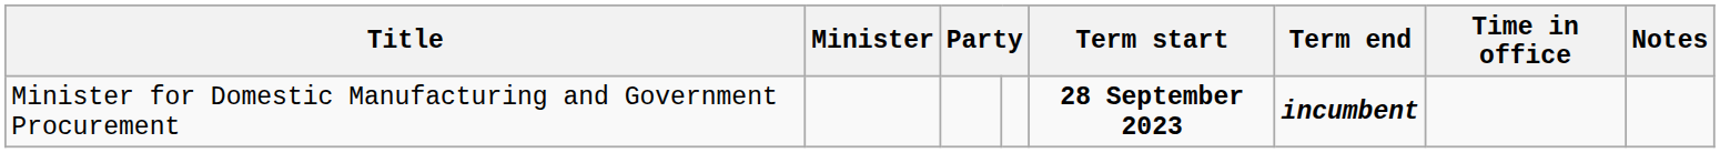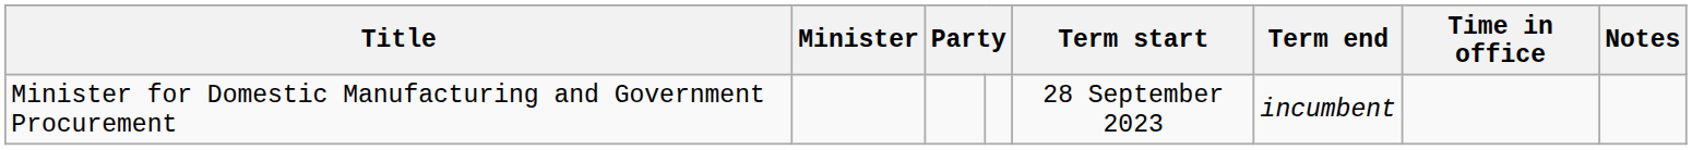 <table class="wikitable sortable">
 <tr>
 <th>Title</th>
 <th>Minister</th>
 <th colspan="2">Party</th>
 <th>Term start</th>
 <th>Term end</th>
 <th>Time in office</th>
 <th class="unsortable">Notes</th>
 </tr>
 <tr>
 <td>Minister for Domestic Manufacturing and Government Procurement</td>
 <td></td>
 <td> </td>
 <td></td>
-<td align="center"><strong>28 September 2023</strong></td>
-<td align="center"><strong><em>incumbent</em></strong></td>
+<td align="center">28 September 2023</td>
+<td align="center"><em>incumbent</em></td>
 <td align=right></td>
 </tr>
 </table>
